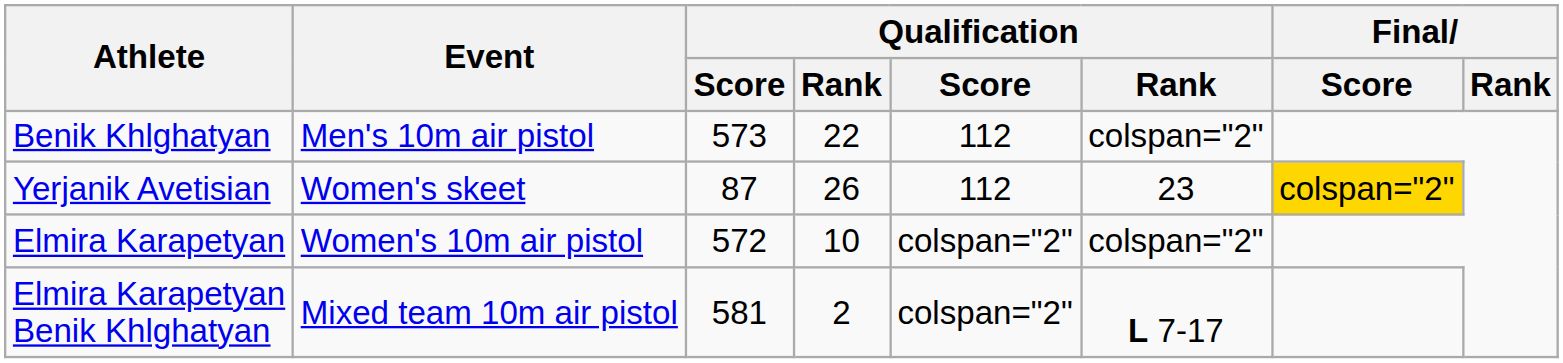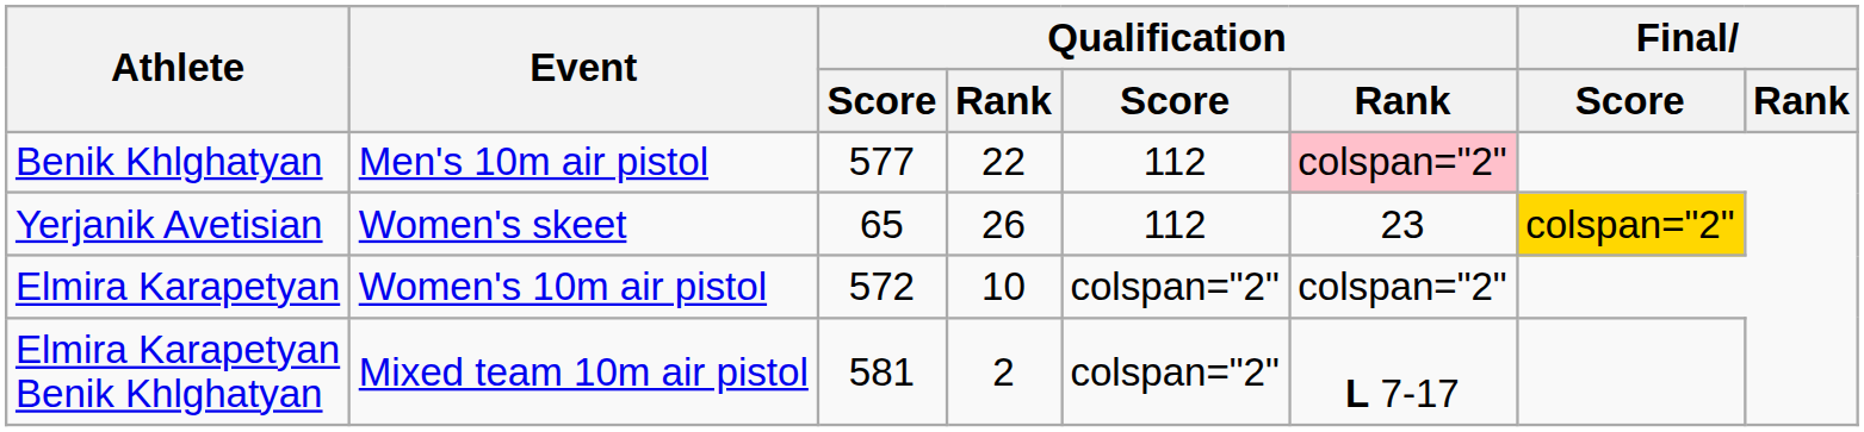 <table class="wikitable" style="text-align:center; font-size:90%">
 <tr>
 <th rowspan="2">Athlete</th>
 <th rowspan="2">Event</th>
 <th colspan="4">Qualification</th>
 <th colspan="2">Final/</th>
 </tr>
 <tr style="font-size:95">
 <th>Score</th>
 <th>Rank</th>
 <th>Score</th>
 <th>Rank</th>
 <th>Score</th>
 <th>Rank</th>
 </tr>
 <tr>
 <td align="left"><a href='#'>Benik Khlghatyan</a></td>
 <td align="left"><a href='#'>Men's 10m air pistol</a></td>
-<td>573</td>
+<td>577</td>
 <td>22</td>
 <td>112</td>
-<td>colspan="2" </td>
+<td style="background: pink;">colspan="2" </td>
 </tr>
 <tr>
 <td align="left"><a href='#'>Yerjanik Avetisian</a></td>
 <td align="left"><a href='#'>Women's skeet</a></td>
-<td>87</td>
+<td>65</td>
 <td>26</td>
 <td>112</td>
 <td>23</td>
 <td style="background: gold;">colspan="2" </td>
 </tr>
 <tr>
 <td align="left"><a href='#'>Elmira Karapetyan</a></td>
 <td align="left"><a href='#'>Women's 10m air pistol</a></td>
 <td>572</td>
 <td>10</td>
 <td>colspan="2" </td>
 <td>colspan="2" </td>
 </tr>
 <tr>
 <td align="left"><a href='#'>Elmira Karapetyan</a><br><a href='#'>Benik Khlghatyan</a></td>
 <td align="left"><a href='#'>Mixed team 10m air pistol</a></td>
 <td>581</td>
 <td>2 <strong></strong></td>
 <td>colspan="2" </td>
 <td><br><strong>L</strong> 7-17</td>
 <td></td>
 </tr>
 </table>
